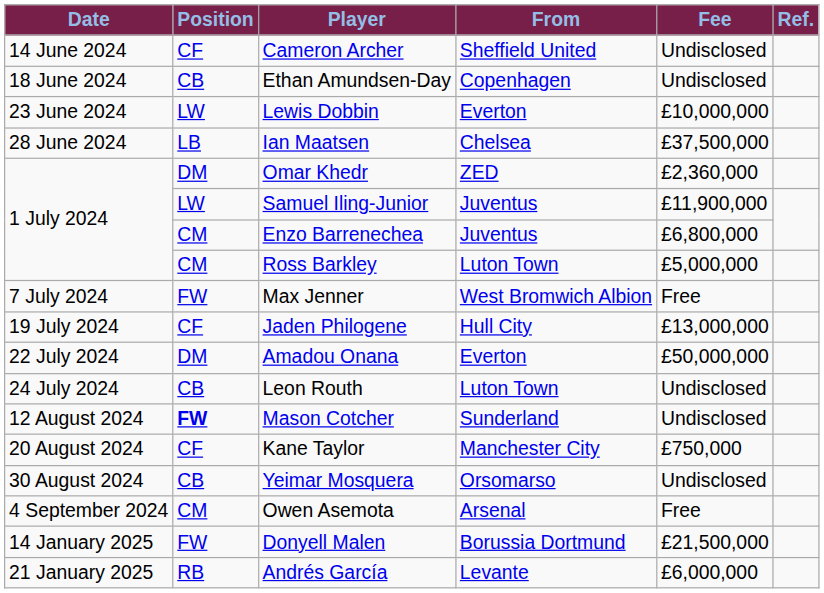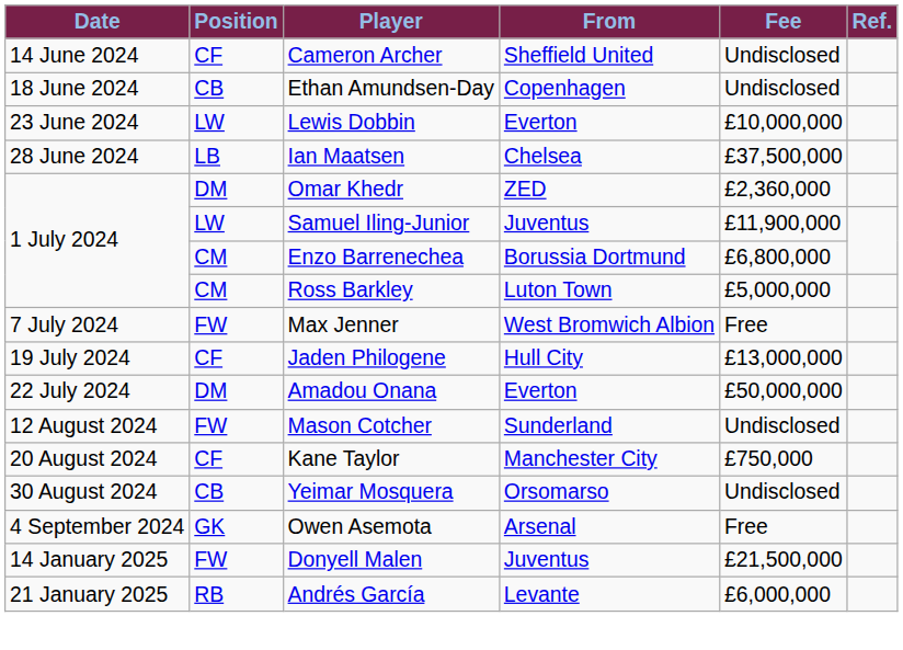 <table class="wikitable plainrowheaders sortable">
 <tr>
 <th style="background:#771F48; color:#94BEE5; ">Date</th>
 <th style="background:#771F48; color:#94BEE5; ">Position</th>
 <th style="background:#771F48; color:#94BEE5; ">Player</th>
 <th style="background:#771F48; color:#94BEE5; ">From</th>
 <th style="background:#771F48; color:#94BEE5; ">Fee</th>
 <th style="background:#771F48; color:#94BEE5; ">Ref.</th>
 </tr>
 <tr>
 <td>14 June 2024</td>
 <td><a href='#'>CF</a></td>
 <td> <a href='#'>Cameron Archer</a></td>
 <td> <a href='#'>Sheffield United</a></td>
 <td>Undisclosed</td>
 <td></td>
 </tr>
 <tr>
 <td>18 June 2024</td>
 <td><a href='#'>CB</a></td>
 <td> Ethan Amundsen-Day</td>
 <td> <a href='#'>Copenhagen</a></td>
 <td>Undisclosed</td>
 <td></td>
 </tr>
 <tr>
 <td>23 June 2024</td>
 <td><a href='#'>LW</a></td>
 <td> <a href='#'>Lewis Dobbin</a></td>
 <td> <a href='#'>Everton</a></td>
 <td>£10,000,000</td>
 <td></td>
 </tr>
 <tr>
 <td>28 June 2024</td>
 <td><a href='#'>LB</a></td>
 <td> <a href='#'>Ian Maatsen</a></td>
 <td> <a href='#'>Chelsea</a></td>
 <td>£37,500,000</td>
 <td></td>
 </tr>
 <tr>
 <td rowspan="4">1 July 2024</td>
 <td><a href='#'>DM</a></td>
 <td> <a href='#'>Omar Khedr</a></td>
 <td> <a href='#'>ZED</a></td>
 <td>£2,360,000</td>
 <td></td>
 </tr>
 <tr>
 <td><a href='#'>LW</a></td>
 <td> <a href='#'>Samuel Iling-Junior</a></td>
 <td> <a href='#'>Juventus</a></td>
 <td>£11,900,000</td>
 <td rowspan="2"></td>
 </tr>
 <tr>
 <td><a href='#'>CM</a></td>
 <td> <a href='#'>Enzo Barrenechea</a></td>
-<td> <a href='#'>Juventus</a></td>
+<td> <a href='#'>Borussia Dortmund</a></td>
 <td>£6,800,000</td>
 </tr>
 <tr>
 <td><a href='#'>CM</a></td>
 <td> <a href='#'>Ross Barkley</a></td>
 <td> <a href='#'>Luton Town</a></td>
 <td>£5,000,000</td>
 <td></td>
 </tr>
 <tr>
 <td>7 July 2024</td>
 <td><a href='#'>FW</a></td>
 <td> Max Jenner</td>
 <td> <a href='#'>West Bromwich Albion</a></td>
 <td>Free</td>
 <td></td>
 </tr>
 <tr>
 <td>19 July 2024</td>
 <td><a href='#'>CF</a></td>
 <td> <a href='#'>Jaden Philogene</a></td>
 <td> <a href='#'>Hull City</a></td>
 <td>£13,000,000</td>
 <td></td>
 </tr>
 <tr>
 <td>22 July 2024</td>
 <td><a href='#'>DM</a></td>
 <td> <a href='#'>Amadou Onana</a></td>
 <td> <a href='#'>Everton</a></td>
 <td>£50,000,000</td>
 <td></td>
 </tr>
 <tr>
-<td>24 July 2024</td>
-<td><a href='#'>CB</a></td>
-<td> Leon Routh</td>
-<td> <a href='#'>Luton Town</a></td>
-<td>Undisclosed</td>
-<td></td>
-</tr>
-<tr>
 <td>12 August 2024</td>
-<td><strong><a href='#'>FW</a></strong></td>
+<td><a href='#'>FW</a></td>
 <td> <a href='#'>Mason Cotcher</a></td>
 <td> <a href='#'>Sunderland</a></td>
 <td>Undisclosed</td>
 <td></td>
 </tr>
 <tr>
 <td>20 August 2024</td>
 <td><a href='#'>CF</a></td>
 <td> Kane Taylor</td>
 <td> <a href='#'>Manchester City</a></td>
 <td>£750,000</td>
 <td></td>
 </tr>
 <tr>
 <td>30 August 2024</td>
 <td><a href='#'>CB</a></td>
 <td> <a href='#'>Yeimar Mosquera</a></td>
 <td> <a href='#'>Orsomarso</a></td>
 <td>Undisclosed</td>
 <td></td>
 </tr>
 <tr>
 <td>4 September 2024</td>
-<td><a href='#'>CM</a></td>
+<td><a href='#'>GK</a></td>
 <td> Owen Asemota</td>
 <td> <a href='#'>Arsenal</a></td>
 <td>Free</td>
 <td></td>
 </tr>
 <tr>
 <td>14 January 2025</td>
 <td><a href='#'>FW</a></td>
 <td> <a href='#'>Donyell Malen</a></td>
-<td> <a href='#'>Borussia Dortmund</a></td>
+<td> <a href='#'>Juventus</a></td>
 <td>£21,500,000</td>
 <td></td>
 </tr>
 <tr>
 <td>21 January 2025</td>
 <td><a href='#'>RB</a></td>
 <td> <a href='#'>Andrés García</a></td>
 <td> <a href='#'>Levante</a></td>
 <td>£6,000,000</td>
 <td></td>
 </tr>
 </table>
